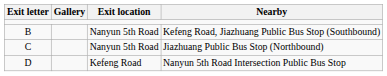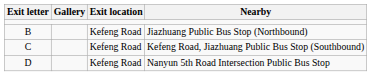 <table class="wikitable">
 <tr>
 <th colspan=2 style="width:70px">Exit letter</th>
 <th>Gallery</th>
 <th>Exit location</th>
 <th>Nearby</th>
 </tr>
 <tr style="background:#">
 <td colspan = "6"></td>
 </tr>
 <tr>
 <td colspan=2 align=center>B</td>
 <td></td>
-<td>Nanyun 5th Road</td>
-<td>Kefeng Road, Jiazhuang Public Bus Stop (Southbound)</td>
+<td>Kefeng Road</td>
+<td>Jiazhuang Public Bus Stop (Northbound)</td>
 </tr>
 <tr>
 <td colspan=2 align=center>C</td>
 <td></td>
-<td>Nanyun 5th Road</td>
-<td>Jiazhuang Public Bus Stop (Northbound)</td>
+<td>Kefeng Road</td>
+<td>Kefeng Road, Jiazhuang Public Bus Stop (Southbound)</td>
 </tr>
 <tr>
 <td colspan=2 align=center>D</td>
 <td></td>
 <td>Kefeng Road</td>
 <td>Nanyun 5th Road Intersection Public Bus Stop</td>
 </tr>
 </table>
